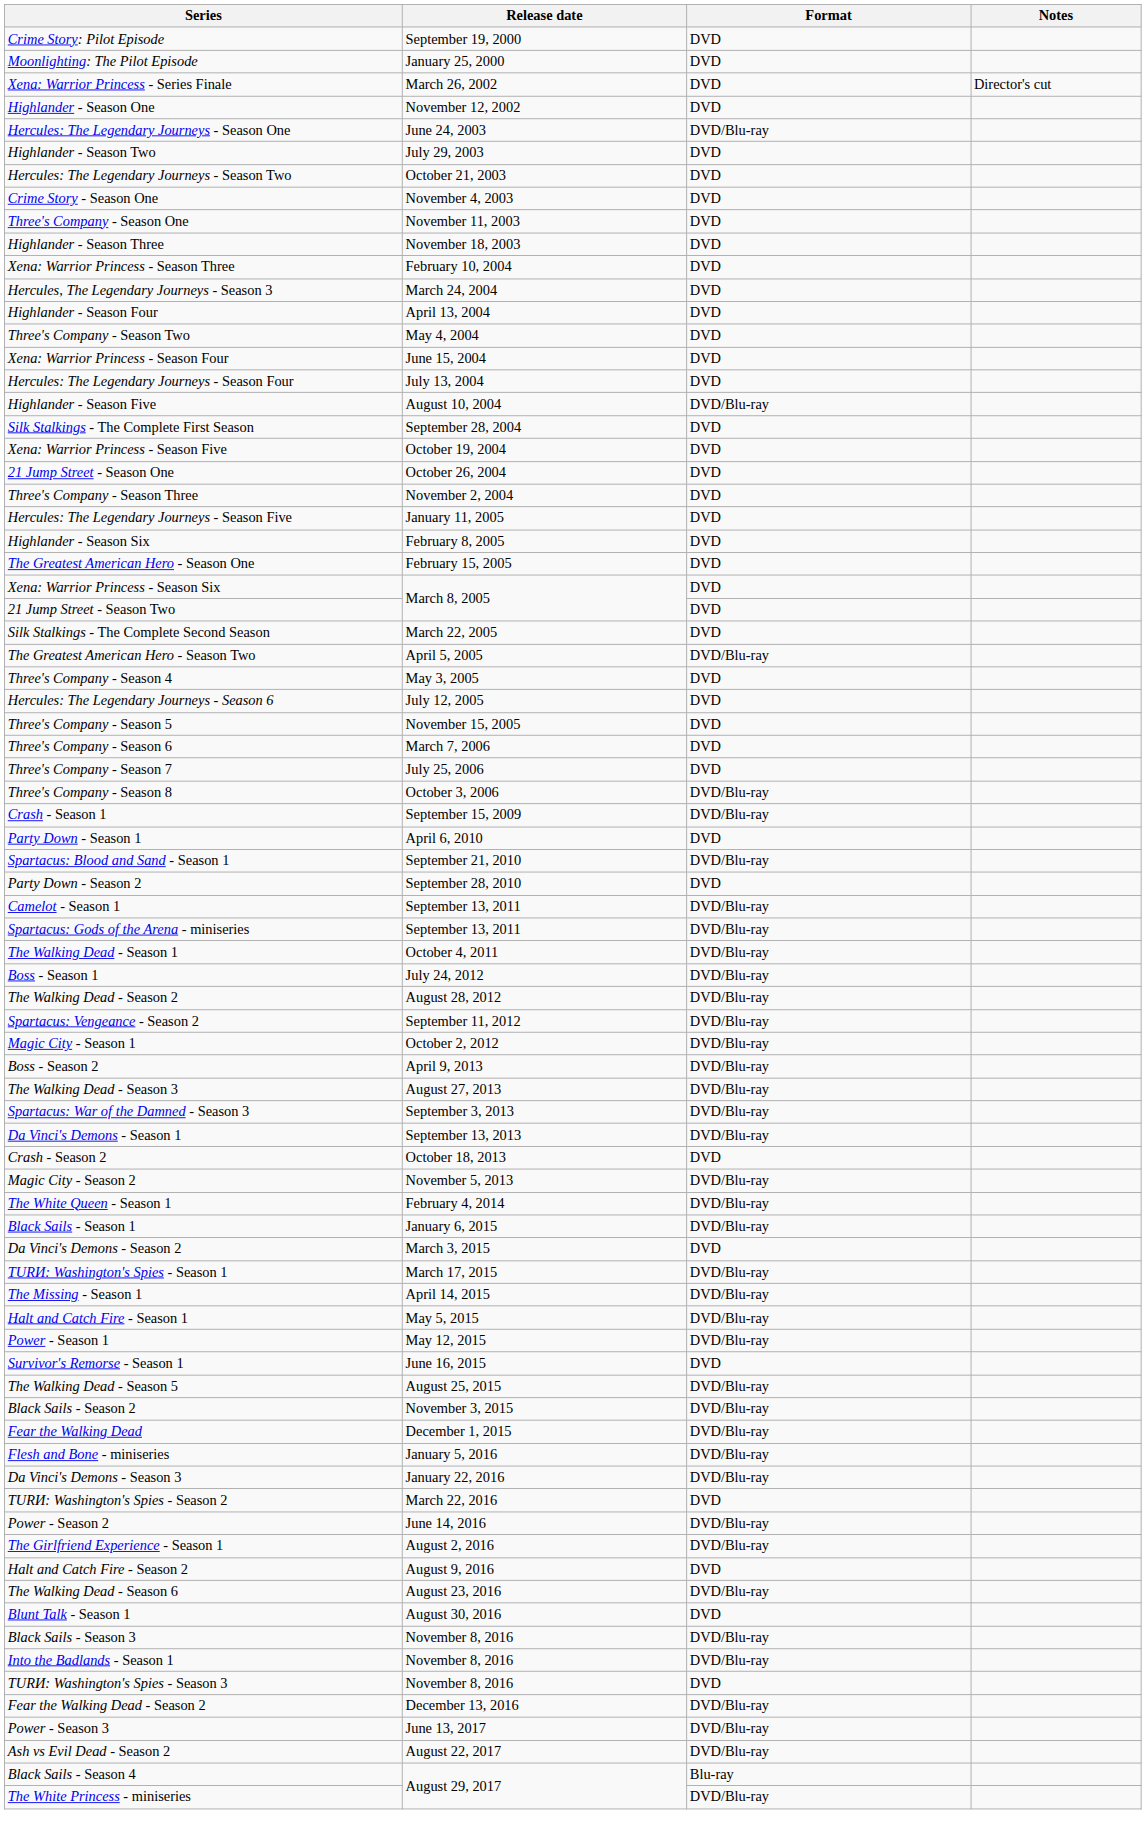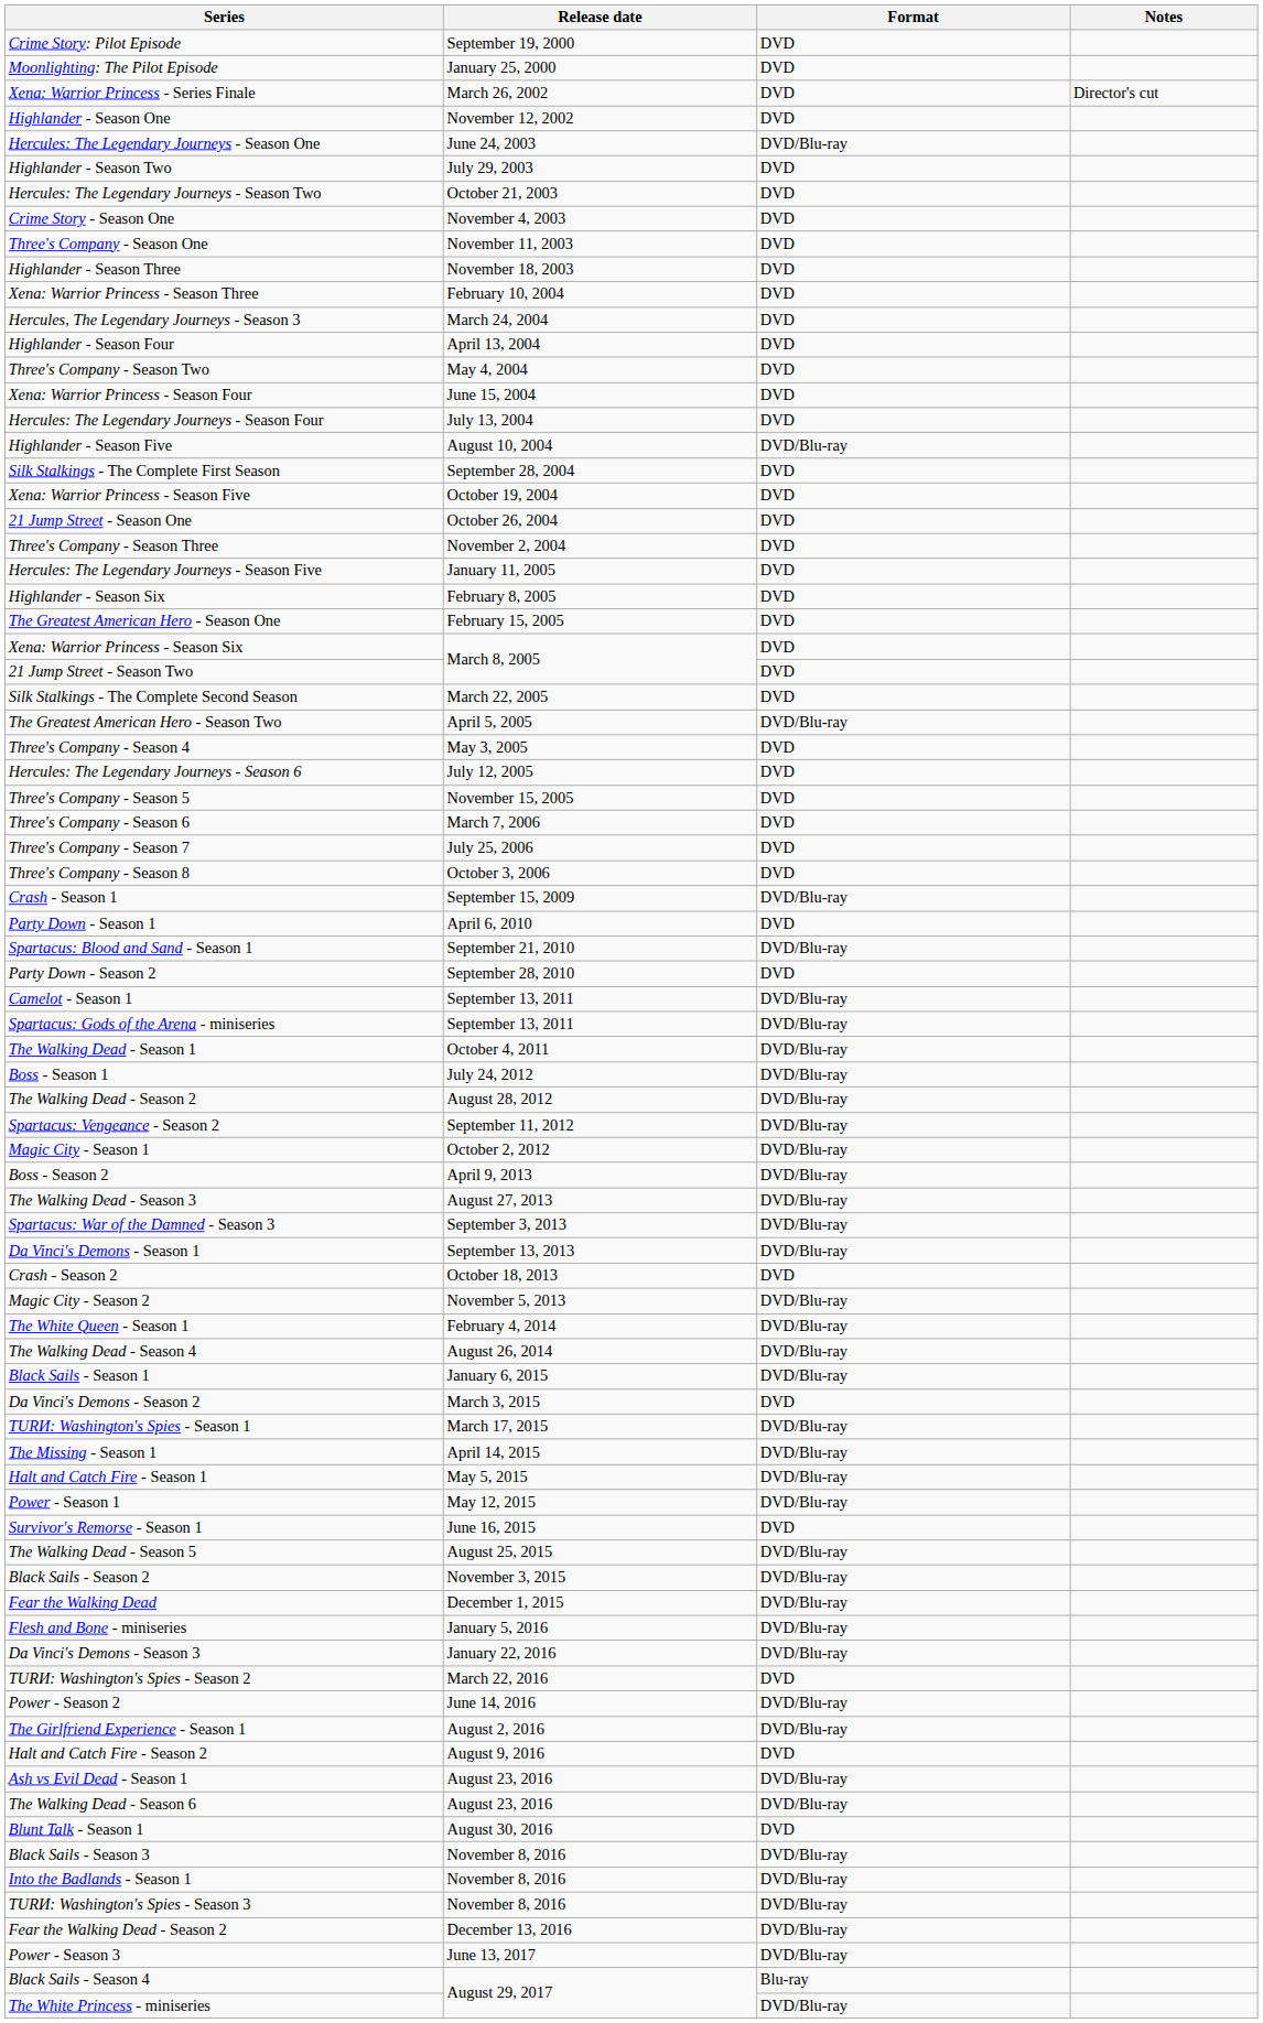 <table class="wikitable sortable" style="width:100%;">
 <tr>
 <th style="width:35%;">Series</th>
 <th style="width:25%;">Release date</th>
 <th style="width:25%">Format</th>
 <th style="width:15%;">Notes</th>
 </tr>
 <tr>
 <td><em><a href='#'>Crime Story</a>: Pilot Episode</em></td>
 <td>September 19, 2000</td>
 <td>DVD</td>
 <td></td>
 </tr>
 <tr>
 <td><em><a href='#'>Moonlighting</a>: The Pilot Episode</em></td>
 <td>January 25, 2000</td>
 <td>DVD</td>
 <td></td>
 </tr>
 <tr>
 <td><em><a href='#'>Xena: Warrior Princess</a></em> - Series Finale</td>
 <td>March 26, 2002</td>
 <td>DVD</td>
 <td>Director's cut</td>
 </tr>
 <tr>
 <td><em><a href='#'>Highlander</a></em> - Season One</td>
 <td>November 12, 2002</td>
 <td>DVD</td>
 <td></td>
 </tr>
 <tr>
 <td><em><a href='#'>Hercules: The Legendary Journeys</a></em> - Season One</td>
 <td>June 24, 2003</td>
 <td>DVD/Blu-ray</td>
 <td></td>
 </tr>
 <tr>
 <td><em>Highlander</em> - Season Two</td>
 <td>July 29, 2003</td>
 <td>DVD</td>
 <td></td>
 </tr>
 <tr>
 <td><em>Hercules: The Legendary Journeys</em> - Season Two</td>
 <td>October 21, 2003</td>
 <td>DVD</td>
 <td></td>
 </tr>
 <tr>
 <td><em><a href='#'>Crime Story</a></em> - Season One</td>
 <td>November 4, 2003</td>
 <td>DVD</td>
 <td></td>
 </tr>
 <tr>
 <td><em><a href='#'>Three's Company</a></em> - Season One</td>
 <td>November 11, 2003</td>
 <td>DVD</td>
 <td></td>
 </tr>
 <tr>
 <td><em>Highlander</em> - Season Three</td>
 <td>November 18, 2003</td>
 <td>DVD</td>
 <td></td>
 </tr>
 <tr>
 <td><em>Xena: Warrior Princess</em> - Season Three</td>
 <td>February 10, 2004</td>
 <td>DVD</td>
 <td></td>
 </tr>
 <tr>
 <td><em>Hercules, The Legendary Journeys</em> - Season 3</td>
 <td>March 24, 2004</td>
 <td>DVD</td>
 <td></td>
 </tr>
 <tr>
 <td><em>Highlander</em> - Season Four</td>
 <td>April 13, 2004</td>
 <td>DVD</td>
 <td></td>
 </tr>
 <tr>
 <td><em>Three's Company</em> - Season Two</td>
 <td>May 4, 2004</td>
 <td>DVD</td>
 <td></td>
 </tr>
 <tr>
 <td><em>Xena: Warrior Princess</em> - Season Four</td>
 <td>June 15, 2004</td>
 <td>DVD</td>
 <td></td>
 </tr>
 <tr>
 <td><em>Hercules: The Legendary Journeys</em> - Season Four</td>
 <td>July 13, 2004</td>
 <td>DVD</td>
 <td></td>
 </tr>
 <tr>
 <td><em>Highlander</em> - Season Five</td>
 <td>August 10, 2004</td>
 <td>DVD/Blu-ray</td>
 <td></td>
 </tr>
 <tr>
 <td><em><a href='#'>Silk Stalkings</a></em> - The Complete First Season</td>
 <td>September 28, 2004</td>
 <td>DVD</td>
 <td></td>
 </tr>
 <tr>
 <td><em>Xena: Warrior Princess</em> - Season Five</td>
 <td>October 19, 2004</td>
 <td>DVD</td>
 <td></td>
 </tr>
 <tr>
 <td><em><a href='#'>21 Jump Street</a></em> - Season One</td>
 <td>October 26, 2004</td>
 <td>DVD</td>
 <td></td>
 </tr>
 <tr>
 <td><em>Three's Company</em> - Season Three</td>
 <td>November 2, 2004</td>
 <td>DVD</td>
 <td></td>
 </tr>
 <tr>
 <td><em>Hercules: The Legendary Journeys</em> - Season Five</td>
 <td>January 11, 2005</td>
 <td>DVD</td>
 <td></td>
 </tr>
 <tr>
 <td><em>Highlander</em> - Season Six</td>
 <td>February 8, 2005</td>
 <td>DVD</td>
 <td></td>
 </tr>
 <tr>
 <td><em><a href='#'>The Greatest American Hero</a></em> - Season One</td>
 <td>February 15, 2005</td>
 <td>DVD</td>
 <td></td>
 </tr>
 <tr>
 <td><em>Xena: Warrior Princess</em> - Season Six</td>
 <td rowspan="2">March 8, 2005</td>
 <td>DVD</td>
 <td></td>
 </tr>
 <tr>
 <td><em>21 Jump Street</em> - Season Two</td>
 <td>DVD</td>
 <td></td>
 </tr>
 <tr>
 <td><em>Silk Stalkings</em> - The Complete Second Season</td>
 <td>March 22, 2005</td>
 <td>DVD</td>
 <td></td>
 </tr>
 <tr>
 <td><em>The Greatest American Hero</em> - Season Two</td>
 <td>April 5, 2005</td>
 <td>DVD/Blu-ray</td>
 <td></td>
 </tr>
 <tr>
 <td><em>Three's Company</em> - Season 4</td>
 <td>May 3, 2005</td>
 <td>DVD</td>
 <td></td>
 </tr>
 <tr>
 <td><em>Hercules: The Legendary Journeys - Season 6</em></td>
 <td>July 12, 2005</td>
 <td>DVD</td>
 <td></td>
 </tr>
 <tr>
 <td><em>Three's Company</em> - Season 5</td>
 <td>November 15, 2005</td>
 <td>DVD</td>
 <td></td>
 </tr>
 <tr>
 <td><em>Three's Company</em> - Season 6</td>
 <td>March 7, 2006</td>
 <td>DVD</td>
 <td></td>
 </tr>
 <tr>
 <td><em>Three's Company</em> - Season 7</td>
 <td>July 25, 2006</td>
 <td>DVD</td>
 <td></td>
 </tr>
 <tr>
 <td><em>Three's Company</em> - Season 8</td>
 <td>October 3, 2006</td>
-<td>DVD/Blu-ray</td>
+<td>DVD</td>
 <td></td>
 </tr>
 <tr>
 <td><em><a href='#'>Crash</a></em> - Season 1</td>
 <td>September 15, 2009</td>
 <td>DVD/Blu-ray</td>
 <td></td>
 </tr>
 <tr>
 <td><em><a href='#'>Party Down</a></em> - Season 1</td>
 <td>April 6, 2010</td>
 <td>DVD</td>
 <td></td>
 </tr>
 <tr>
 <td><em><a href='#'>Spartacus: Blood and Sand</a></em> - Season 1</td>
 <td>September 21, 2010</td>
 <td>DVD/Blu-ray</td>
 <td></td>
 </tr>
 <tr>
 <td><em>Party Down</em> - Season 2</td>
 <td>September 28, 2010</td>
 <td>DVD</td>
 <td></td>
 </tr>
 <tr>
 <td><em><a href='#'>Camelot</a></em> - Season 1</td>
 <td>September 13, 2011</td>
 <td>DVD/Blu-ray</td>
 <td></td>
 </tr>
 <tr>
 <td><em><a href='#'>Spartacus: Gods of the Arena</a></em> - miniseries</td>
 <td>September 13, 2011</td>
 <td>DVD/Blu-ray</td>
 <td></td>
 </tr>
 <tr>
 <td><em><a href='#'>The Walking Dead</a></em> - Season 1</td>
 <td>October 4, 2011</td>
 <td>DVD/Blu-ray</td>
 <td></td>
 </tr>
 <tr>
 <td><em><a href='#'>Boss</a></em> - Season 1</td>
 <td>July 24, 2012</td>
 <td>DVD/Blu-ray</td>
 <td></td>
 </tr>
 <tr>
 <td><em>The Walking Dead</em> - Season 2</td>
 <td>August 28, 2012</td>
 <td>DVD/Blu-ray</td>
 <td></td>
 </tr>
 <tr>
 <td><em><a href='#'>Spartacus: Vengeance</a></em> - Season 2</td>
 <td>September 11, 2012</td>
 <td>DVD/Blu-ray</td>
 <td></td>
 </tr>
 <tr>
 <td><em><a href='#'>Magic City</a></em> - Season 1</td>
 <td>October 2, 2012</td>
 <td>DVD/Blu-ray</td>
 <td></td>
 </tr>
 <tr>
 <td><em>Boss</em> - Season 2</td>
 <td>April 9, 2013</td>
 <td>DVD/Blu-ray</td>
 <td></td>
 </tr>
 <tr>
 <td><em>The Walking Dead</em> - Season 3</td>
 <td>August 27, 2013</td>
 <td>DVD/Blu-ray</td>
 <td></td>
 </tr>
 <tr>
 <td><em><a href='#'>Spartacus: War of the Damned</a></em> - Season 3</td>
 <td>September 3, 2013</td>
 <td>DVD/Blu-ray</td>
 <td></td>
 </tr>
 <tr>
 <td><em><a href='#'>Da Vinci's Demons</a></em> - Season 1</td>
 <td>September 13, 2013</td>
 <td>DVD/Blu-ray</td>
 <td></td>
 </tr>
 <tr>
 <td><em>Crash</em> - Season 2</td>
 <td>October 18, 2013</td>
 <td>DVD</td>
 <td></td>
 </tr>
 <tr>
 <td><em>Magic City</em> - Season 2</td>
 <td>November 5, 2013</td>
 <td>DVD/Blu-ray</td>
 <td></td>
 </tr>
 <tr>
 <td><em><a href='#'>The White Queen</a></em> - Season 1</td>
 <td>February 4, 2014</td>
 <td>DVD/Blu-ray</td>
 <td></td>
 </tr>
 <tr>
+<td><em>The Walking Dead</em> - Season 4</td>
+<td>August 26, 2014</td>
+<td>DVD/Blu-ray</td>
+<td></td>
+</tr>
+<tr>
 <td><em><a href='#'>Black Sails</a></em> - Season 1</td>
 <td>January 6, 2015</td>
 <td>DVD/Blu-ray</td>
 <td></td>
 </tr>
 <tr>
 <td><em>Da Vinci's Demons</em>  - Season 2</td>
 <td>March 3, 2015</td>
 <td>DVD</td>
 <td></td>
 </tr>
 <tr>
 <td><em><a href='#'>TURИ: Washington's Spies</a></em> - Season 1</td>
 <td>March 17, 2015</td>
 <td>DVD/Blu-ray</td>
 <td></td>
 </tr>
 <tr>
 <td><em><a href='#'>The Missing</a></em> - Season 1</td>
 <td>April 14, 2015</td>
 <td>DVD/Blu-ray</td>
 <td></td>
 </tr>
 <tr>
 <td><em><a href='#'>Halt and Catch Fire</a></em> - Season 1</td>
 <td>May 5, 2015</td>
 <td>DVD/Blu-ray</td>
 <td></td>
 </tr>
 <tr>
 <td><em><a href='#'>Power</a></em> - Season 1</td>
 <td>May 12, 2015</td>
 <td>DVD/Blu-ray</td>
 </tr>
 <tr>
 <td><em><a href='#'>Survivor's Remorse</a></em> - Season 1</td>
 <td>June 16, 2015</td>
 <td>DVD</td>
 <td></td>
 </tr>
 <tr>
 <td><em>The Walking Dead</em> - Season 5</td>
 <td>August 25, 2015</td>
 <td>DVD/Blu-ray</td>
 <td></td>
 </tr>
 <tr>
 <td><em>Black Sails</em> - Season 2</td>
 <td>November 3, 2015</td>
 <td>DVD/Blu-ray</td>
 <td></td>
 </tr>
 <tr>
 <td><em><a href='#'>Fear the Walking Dead</a></em></td>
 <td>December 1, 2015</td>
 <td>DVD/Blu-ray</td>
 <td></td>
 </tr>
 <tr>
 <td><em><a href='#'>Flesh and Bone</a></em> - miniseries</td>
 <td>January 5, 2016</td>
 <td>DVD/Blu-ray</td>
 <td></td>
 </tr>
 <tr>
 <td><em>Da Vinci's Demons</em> - Season 3</td>
 <td>January 22, 2016</td>
 <td>DVD/Blu-ray</td>
 <td></td>
 </tr>
 <tr>
 <td><em>TURИ: Washington's Spies</em> - Season 2</td>
 <td>March 22, 2016</td>
 <td>DVD</td>
 <td></td>
 </tr>
 <tr>
 <td><em>Power</em> - Season 2</td>
 <td>June 14, 2016</td>
 <td>DVD/Blu-ray</td>
 <td></td>
 </tr>
 <tr>
 <td><em><a href='#'>The Girlfriend Experience</a></em> - Season 1</td>
 <td>August 2, 2016</td>
 <td>DVD/Blu-ray</td>
 </tr>
 <tr>
 <td><em>Halt and Catch Fire</em> - Season 2</td>
 <td>August 9, 2016</td>
 <td>DVD</td>
 <td></td>
 </tr>
 <tr>
+<td><em><a href='#'>Ash vs Evil Dead</a></em> - Season 1</td>
+<td>August 23, 2016</td>
+<td>DVD/Blu-ray</td>
+<td></td>
+</tr>
+<tr>
 <td><em>The Walking Dead</em> - Season 6</td>
 <td>August 23, 2016</td>
 <td>DVD/Blu-ray</td>
 <td></td>
 </tr>
 <tr>
 <td><em><a href='#'>Blunt Talk</a></em> - Season 1</td>
 <td>August 30, 2016</td>
 <td>DVD</td>
 <td></td>
 </tr>
 <tr>
 <td><em>Black Sails</em> - Season 3</td>
 <td>November 8, 2016</td>
 <td>DVD/Blu-ray</td>
 <td></td>
 </tr>
 <tr>
 <td><em><a href='#'>Into the Badlands</a></em> - Season 1</td>
 <td>November 8, 2016</td>
 <td>DVD/Blu-ray</td>
 <td></td>
 </tr>
 <tr>
 <td><em>TURИ: Washington's Spies</em> - Season 3</td>
 <td>November 8, 2016</td>
-<td>DVD</td>
+<td>DVD/Blu-ray</td>
 <td></td>
 </tr>
 <tr>
 <td><em>Fear the Walking Dead</em> - Season 2</td>
 <td>December 13, 2016</td>
 <td>DVD/Blu-ray</td>
 <td></td>
 </tr>
 <tr>
 <td><em>Power</em> - Season 3</td>
 <td>June 13, 2017</td>
 <td>DVD/Blu-ray</td>
 <td></td>
 </tr>
 <tr>
-<td><em>Ash vs Evil Dead</em> - Season 2</td>
-<td>August 22, 2017</td>
-<td>DVD/Blu-ray</td>
-<td></td>
-</tr>
-<tr>
 <td><em>Black Sails</em> - Season 4</td>
 <td rowspan="2">August 29, 2017</td>
 <td>Blu-ray</td>
 <td></td>
 </tr>
 <tr>
 <td><em><a href='#'>The White Princess</a></em> - miniseries</td>
 <td>DVD/Blu-ray</td>
 <td></td>
 </tr>
 </table>
